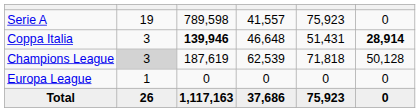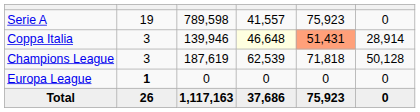 <table class="wikitable" style="text-align: center;">
 <tr>
 <th></th>
 <th style="width:70px;"></th>
 <th style="width:70px;"></th>
 <th style="width:70px;"></th>
 <th style="width:70px;"></th>
 <th style="width:70px;"></th>
 </tr>
 <tr>
 <td align=left><a href='#'>Serie A</a></td>
 <td>19</td>
 <td>789,598</td>
 <td>41,557</td>
 <td>75,923</td>
 <td>0</td>
 </tr>
 <tr>
 <td align=left><a href='#'>Coppa Italia</a></td>
 <td>3</td>
-<td><strong>139,946</strong></td>
-<td>46,648</td>
-<td>51,431</td>
-<td><strong>28,914</strong></td>
+<td>139,946</td>
+<td style="background: lightyellow;">46,648</td>
+<td style="background: lightsalmon;">51,431</td>
+<td>28,914</td>
 </tr>
 <tr>
 <td align=left><a href='#'>Champions League</a></td>
-<td style="background: lightgrey;">3</td>
+<td>3</td>
 <td>187,619</td>
 <td>62,539</td>
 <td>71,818</td>
 <td>50,128</td>
 </tr>
 <tr>
 <td align=left><a href='#'>Europa League</a></td>
-<td>1</td>
+<td><strong>1</strong></td>
 <td>0</td>
 <td>0</td>
 <td>0</td>
 <td>0</td>
 </tr>
 <tr bgcolor="#EFEFEF">
 <td><strong>Total</strong></td>
 <td><strong>26</strong></td>
 <td><strong>1,117,163</strong></td>
 <td><strong>37,686</strong></td>
 <td><strong>75,923</strong></td>
 <td><strong>0</strong></td>
 </tr>
 </table>
